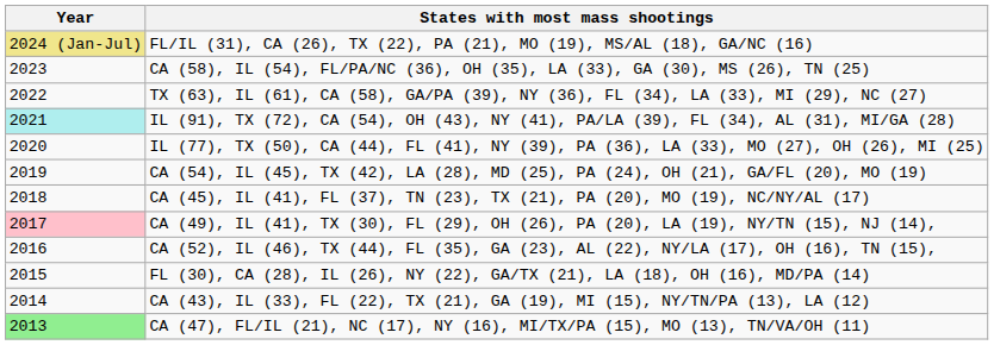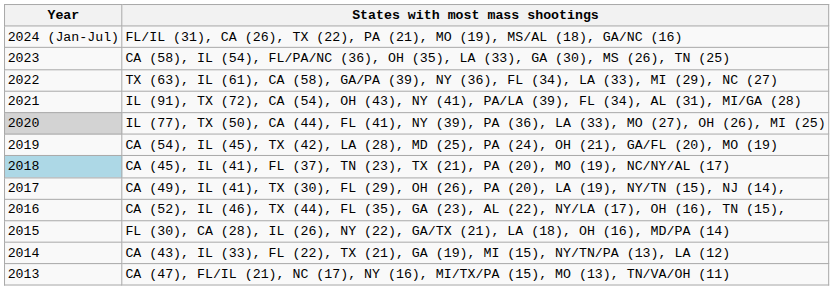 <table class="wikitable">
 <tr>
 <th>Year</th>
 <th>States with most mass shootings</th>
 </tr>
 <tr>
-<td style="background: khaki;">2024 (Jan-Jul)</td>
+<td>2024 (Jan-Jul)</td>
 <td>FL/IL	(31), CA	(26), TX	(22), PA	(21), MO	(19), MS/AL	(18), GA/NC	(16)</td>
 </tr>
 <tr>
 <td>2023</td>
 <td>CA	(58), IL	(54), FL/PA/NC	(36), OH	(35), LA	(33), GA	(30), MS	(26), TN	(25)</td>
 </tr>
 <tr>
 <td>2022</td>
 <td>TX	(63), IL	(61), CA	(58), GA/PA	(39), NY	(36), FL	(34), LA	(33), MI	(29), NC	(27)</td>
 </tr>
 <tr>
-<td style="background: paleturquoise;">2021</td>
+<td>2021</td>
 <td>IL	(91), TX	(72), CA	(54), OH	(43), NY	(41), PA/LA	(39), FL	(34), AL	(31), MI/GA	(28)</td>
 </tr>
 <tr>
-<td>2020</td>
+<td style="background: lightgrey;">2020</td>
 <td>IL	(77), TX	(50), CA	(44), FL	(41), NY	(39), PA	(36), LA	(33), MO	(27), OH	(26), MI	(25)</td>
 </tr>
 <tr>
 <td>2019</td>
 <td>CA	(54), IL	(45), TX	(42), LA	(28), MD	(25), PA	(24), OH	(21), GA/FL	(20), MO	(19)</td>
 </tr>
 <tr>
-<td>2018</td>
+<td style="background: lightblue;">2018</td>
 <td>CA	(45), IL	(41), FL	(37), TN	(23), TX	(21), PA	(20), MO	(19), NC/NY/AL	(17)</td>
 </tr>
 <tr>
-<td style="background: pink;">2017</td>
+<td>2017</td>
 <td>CA	(49), IL	(41), TX	(30), FL	(29), OH	(26), PA	(20), LA	(19), NY/TN	(15), NJ	(14),</td>
 </tr>
 <tr>
 <td>2016</td>
 <td>CA	(52), IL	(46), TX	(44), FL	(35), GA	(23), AL	(22), NY/LA	(17), OH	(16), TN	(15),</td>
 </tr>
 <tr>
 <td>2015</td>
 <td>FL	(30), CA	(28), IL	(26), NY	(22), GA/TX	(21), LA	(18), OH	(16), MD/PA	(14)</td>
 </tr>
 <tr>
 <td>2014</td>
 <td>CA	(43), IL	(33), FL	(22), TX	(21), GA	(19), MI	(15), NY/TN/PA	(13), LA	(12)</td>
 </tr>
 <tr>
-<td style="background: lightgreen;">2013</td>
+<td>2013</td>
 <td>CA	(47), FL/IL	(21), NC	(17), NY	(16), MI/TX/PA	(15), MO	(13), TN/VA/OH	(11)</td>
 </tr>
 </table>
